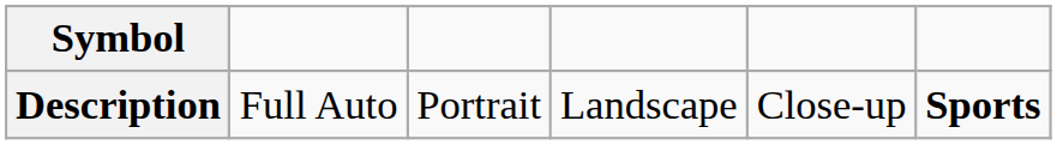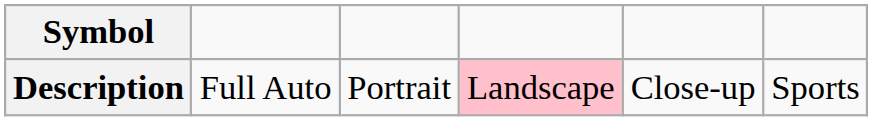 <table class="wikitable" border="1">
 <tr>
 <th>Symbol</th>
 <td></td>
 <td></td>
 <td></td>
 <td></td>
 <td></td>
 </tr>
 <tr>
 <th>Description</th>
 <td>Full Auto</td>
 <td>Portrait</td>
-<td>Landscape</td>
+<td style="background: pink;">Landscape</td>
 <td>Close-up</td>
-<td><strong>Sports</strong></td>
+<td>Sports</td>
 </tr>
 </table>
